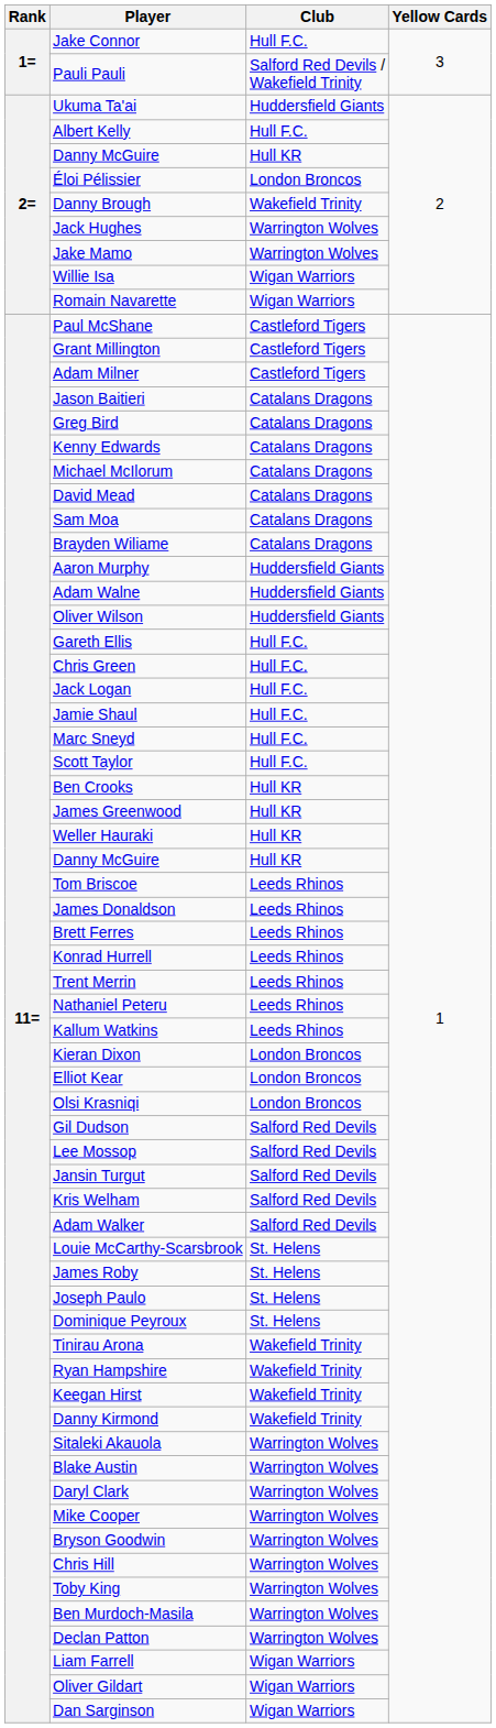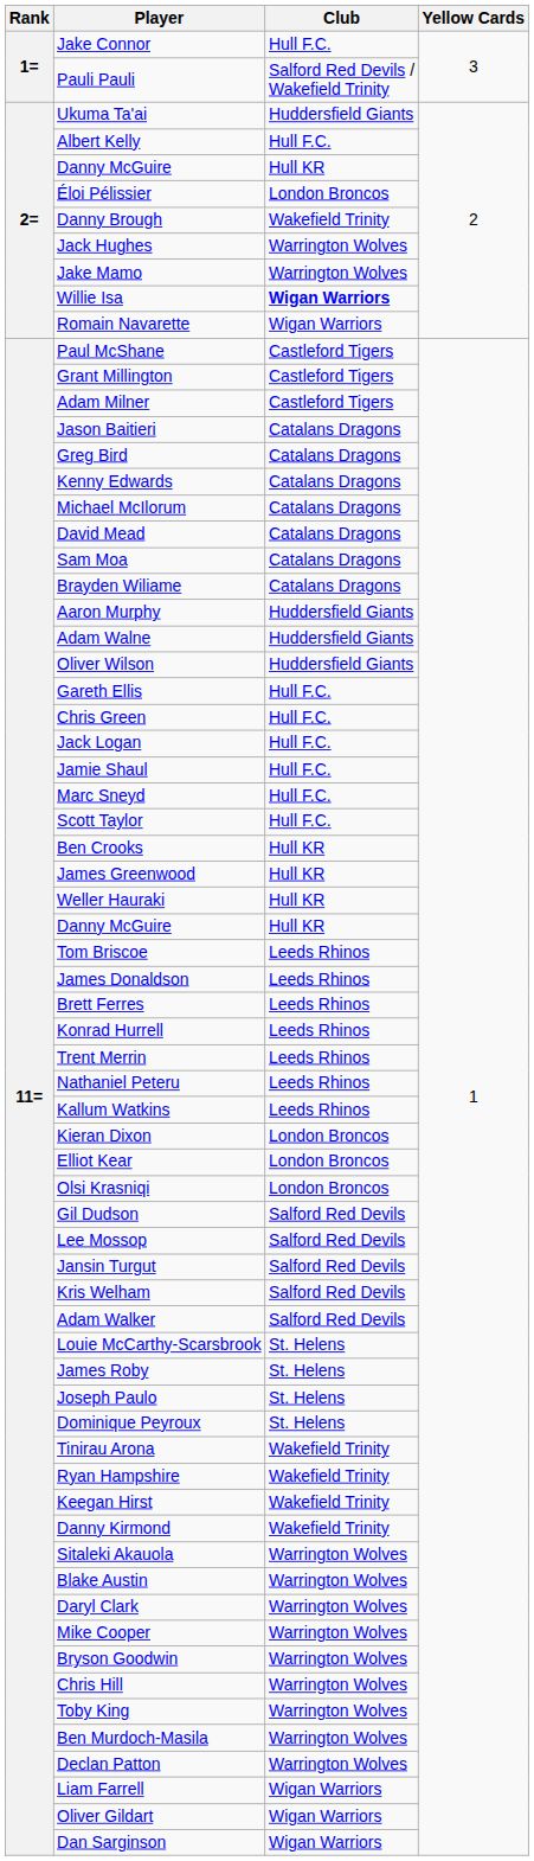 <table class="wikitable sortable" style="text-align:center">
 <tr>
 <th>Rank</th>
 <th>Player</th>
 <th>Club</th>
 <th> Yellow Cards</th>
 </tr>
 <tr>
 <th Rowspan=2>1=</th>
 <td align="left"> <a href='#'>Jake Connor</a></td>
 <td align="left"> <a href='#'>Hull F.C.</a></td>
 <td Rowspan=2>3</td>
 </tr>
 <tr>
 <td align="left"> <a href='#'>Pauli Pauli</a></td>
 <td align="left">  <a href='#'>Salford Red Devils</a> / <br>  <a href='#'>Wakefield Trinity</a></td>
 </tr>
 <tr>
 <th Rowspan=9>2=</th>
 <td align="left"> <a href='#'>Ukuma Ta'ai</a></td>
 <td align="left"> <a href='#'>Huddersfield Giants</a></td>
 <td Rowspan=9>2</td>
 </tr>
 <tr>
 <td align="left"> <a href='#'>Albert Kelly</a></td>
 <td align="left"> <a href='#'>Hull F.C.</a></td>
 </tr>
 <tr>
 <td align="left"> <a href='#'>Danny McGuire</a></td>
 <td align="left"> <a href='#'>Hull KR</a></td>
 </tr>
 <tr>
 <td align="left"> <a href='#'>Éloi Pélissier</a></td>
 <td align="left"> <a href='#'>London Broncos</a></td>
 </tr>
 <tr>
 <td align="left"> <a href='#'>Danny Brough</a></td>
 <td align="left"> <a href='#'>Wakefield Trinity</a></td>
 </tr>
 <tr>
 <td align="left"> <a href='#'>Jack Hughes</a></td>
 <td align="left"> <a href='#'>Warrington Wolves</a></td>
 </tr>
 <tr>
 <td align="left"> <a href='#'>Jake Mamo</a></td>
 <td align="left"> <a href='#'>Warrington Wolves</a></td>
 </tr>
 <tr>
 <td align="left"> <a href='#'>Willie Isa</a></td>
-<td align="left"> <a href='#'>Wigan Warriors</a></td>
+<td align="left"><strong> <a href='#'>Wigan Warriors</a></strong></td>
 </tr>
 <tr>
 <td align="left"> <a href='#'>Romain Navarette</a></td>
 <td align="left"> <a href='#'>Wigan Warriors</a></td>
 </tr>
 <tr>
 <th rowspan=58>11=</th>
 <td align="left"> <a href='#'>Paul McShane</a></td>
 <td align="left"> <a href='#'>Castleford Tigers</a></td>
 <td Rowspan=58>1</td>
 </tr>
 <tr>
 <td align="left"> <a href='#'>Grant Millington</a></td>
 <td align="left"> <a href='#'>Castleford Tigers</a></td>
 </tr>
 <tr>
 <td align="left"> <a href='#'>Adam Milner</a></td>
 <td align="left"> <a href='#'>Castleford Tigers</a></td>
 </tr>
 <tr>
 <td align="left"> <a href='#'>Jason Baitieri</a></td>
 <td align="left"> <a href='#'>Catalans Dragons</a></td>
 </tr>
 <tr>
 <td align="left"> <a href='#'>Greg Bird</a></td>
 <td align="left"> <a href='#'>Catalans Dragons</a></td>
 </tr>
 <tr>
 <td align="left"> <a href='#'> Kenny Edwards</a></td>
 <td align="left"> <a href='#'>Catalans Dragons</a></td>
 </tr>
 <tr>
 <td align="left"> <a href='#'>Michael McIlorum</a></td>
 <td align="left"> <a href='#'>Catalans Dragons</a></td>
 </tr>
 <tr>
 <td align="left"> <a href='#'>David Mead</a></td>
 <td align="left"> <a href='#'>Catalans Dragons</a></td>
 </tr>
 <tr>
 <td align="left"> <a href='#'>Sam Moa</a></td>
 <td align="left"> <a href='#'>Catalans Dragons</a></td>
 </tr>
 <tr>
 <td align="left"> <a href='#'>Brayden Wiliame</a></td>
 <td align="left"> <a href='#'>Catalans Dragons</a></td>
 </tr>
 <tr>
 <td align="left"> <a href='#'>Aaron Murphy</a></td>
 <td align="left"> <a href='#'>Huddersfield Giants</a></td>
 </tr>
 <tr>
 <td align="left"> <a href='#'>Adam Walne</a></td>
 <td align="left"> <a href='#'>Huddersfield Giants</a></td>
 </tr>
 <tr>
 <td align="left"> <a href='#'>Oliver Wilson</a></td>
 <td align="left"> <a href='#'>Huddersfield Giants</a></td>
 </tr>
 <tr>
 <td align="left"> <a href='#'>Gareth Ellis</a></td>
 <td align="left"> <a href='#'>Hull F.C.</a></td>
 </tr>
 <tr>
 <td align="left"> <a href='#'>Chris Green</a></td>
 <td align="left"> <a href='#'>Hull F.C.</a></td>
 </tr>
 <tr>
 <td align="left"> <a href='#'>Jack Logan</a></td>
 <td align="left"> <a href='#'>Hull F.C.</a></td>
 </tr>
 <tr>
 <td align="left"> <a href='#'>Jamie Shaul</a></td>
 <td align="left"> <a href='#'>Hull F.C.</a></td>
 </tr>
 <tr>
 <td align="left"> <a href='#'>Marc Sneyd</a></td>
 <td align="left"> <a href='#'>Hull F.C.</a></td>
 </tr>
 <tr>
 <td align="left"> <a href='#'>Scott Taylor</a></td>
 <td align="left"> <a href='#'>Hull F.C.</a></td>
 </tr>
 <tr>
 <td align="left"> <a href='#'>Ben Crooks</a></td>
 <td align="left"> <a href='#'>Hull KR</a></td>
 </tr>
 <tr>
 <td align="left"> <a href='#'>James Greenwood</a></td>
 <td align="left"> <a href='#'>Hull KR</a></td>
 </tr>
 <tr>
 <td align="left"> <a href='#'>Weller Hauraki</a></td>
 <td align="left"> <a href='#'>Hull KR</a></td>
 </tr>
 <tr>
 <td align="left"> <a href='#'>Danny McGuire</a></td>
 <td align="left"> <a href='#'>Hull KR</a></td>
 </tr>
 <tr>
 <td align="left"> <a href='#'>Tom Briscoe</a></td>
 <td align="left"> <a href='#'>Leeds Rhinos</a></td>
 </tr>
 <tr>
 <td align="left"> <a href='#'>James Donaldson</a></td>
 <td align="left"> <a href='#'>Leeds Rhinos</a></td>
 </tr>
 <tr>
 <td align="left"> <a href='#'>Brett Ferres</a></td>
 <td align="left"> <a href='#'>Leeds Rhinos</a></td>
 </tr>
 <tr>
 <td align="left"> <a href='#'>Konrad Hurrell</a></td>
 <td align="left"> <a href='#'>Leeds Rhinos</a></td>
 </tr>
 <tr>
 <td align="left"> <a href='#'>Trent Merrin</a></td>
 <td align="left"> <a href='#'>Leeds Rhinos</a></td>
 </tr>
 <tr>
 <td align="left"> <a href='#'>Nathaniel Peteru</a></td>
 <td align="left"> <a href='#'>Leeds Rhinos</a></td>
 </tr>
 <tr>
 <td align="left"> <a href='#'>Kallum Watkins</a></td>
 <td align="left"> <a href='#'>Leeds Rhinos</a></td>
 </tr>
 <tr>
 <td align="left"> <a href='#'>Kieran Dixon</a></td>
 <td align="left"> <a href='#'>London Broncos</a></td>
 </tr>
 <tr>
 <td align="left"> <a href='#'>Elliot Kear</a></td>
 <td align="left"> <a href='#'>London Broncos</a></td>
 </tr>
 <tr>
 <td align="left"> <a href='#'>Olsi Krasniqi</a></td>
 <td align="left"> <a href='#'>London Broncos</a></td>
 </tr>
 <tr>
 <td align="left"> <a href='#'>Gil Dudson</a></td>
 <td align="left"> <a href='#'>Salford Red Devils</a></td>
 </tr>
 <tr>
 <td align="left"> <a href='#'>Lee Mossop</a></td>
 <td align="left"> <a href='#'>Salford Red Devils</a></td>
 </tr>
 <tr>
 <td align="left"> <a href='#'>Jansin Turgut</a></td>
 <td align="left"> <a href='#'>Salford Red Devils</a></td>
 </tr>
 <tr>
 <td align="left"> <a href='#'>Kris Welham</a></td>
 <td align="left"> <a href='#'>Salford Red Devils</a></td>
 </tr>
 <tr>
 <td align="left"> <a href='#'>Adam Walker</a></td>
 <td align="left"> <a href='#'>Salford Red Devils</a></td>
 </tr>
 <tr>
 <td align="left"> <a href='#'>Louie McCarthy-Scarsbrook</a></td>
 <td align="left"> <a href='#'>St. Helens</a></td>
 </tr>
 <tr>
 <td align="left"> <a href='#'>James Roby</a></td>
 <td align="left"> <a href='#'>St. Helens</a></td>
 </tr>
 <tr>
 <td align="left"> <a href='#'>Joseph Paulo</a></td>
 <td align="left"> <a href='#'>St. Helens</a></td>
 </tr>
 <tr>
 <td align="left"> <a href='#'>Dominique Peyroux</a></td>
 <td align="left"> <a href='#'>St. Helens</a></td>
 </tr>
 <tr>
 <td align="left"> <a href='#'>Tinirau Arona</a></td>
 <td align="left"> <a href='#'>Wakefield Trinity</a></td>
 </tr>
 <tr>
 <td align="left"> <a href='#'>Ryan Hampshire</a></td>
 <td align="left"> <a href='#'>Wakefield Trinity</a></td>
 </tr>
 <tr>
 <td align="left"> <a href='#'>Keegan Hirst</a></td>
 <td align="left"> <a href='#'>Wakefield Trinity</a></td>
 </tr>
 <tr>
 <td align="left"> <a href='#'>Danny Kirmond</a></td>
 <td align="left"> <a href='#'>Wakefield Trinity</a></td>
 </tr>
 <tr>
 <td align="left"> <a href='#'>Sitaleki Akauola</a></td>
 <td align="left"> <a href='#'>Warrington Wolves</a></td>
 </tr>
 <tr>
 <td align="left"> <a href='#'>Blake Austin</a></td>
 <td align="left"> <a href='#'>Warrington Wolves</a></td>
 </tr>
 <tr>
 <td align="left"> <a href='#'>Daryl Clark</a></td>
 <td align="left"> <a href='#'>Warrington Wolves</a></td>
 </tr>
 <tr>
 <td align="left"> <a href='#'>Mike Cooper</a></td>
 <td align="left"> <a href='#'>Warrington Wolves</a></td>
 </tr>
 <tr>
 <td align="left"> <a href='#'>Bryson Goodwin</a></td>
 <td align="left"> <a href='#'>Warrington Wolves</a></td>
 </tr>
 <tr>
 <td align="left"> <a href='#'>Chris Hill</a></td>
 <td align="left"> <a href='#'>Warrington Wolves</a></td>
 </tr>
 <tr>
 <td align="left"> <a href='#'>Toby King</a></td>
 <td align="left"> <a href='#'>Warrington Wolves</a></td>
 </tr>
 <tr>
 <td align="left"> <a href='#'>Ben Murdoch-Masila</a></td>
 <td align="left"> <a href='#'>Warrington Wolves</a></td>
 </tr>
 <tr>
 <td align="left"> <a href='#'>Declan Patton</a></td>
 <td align="left"> <a href='#'>Warrington Wolves</a></td>
 </tr>
 <tr>
 <td align="left"> <a href='#'>Liam Farrell</a></td>
 <td align="left"> <a href='#'>Wigan Warriors</a></td>
 </tr>
 <tr>
 <td align="left"> <a href='#'>Oliver Gildart</a></td>
 <td align="left"> <a href='#'>Wigan Warriors</a></td>
 </tr>
 <tr>
 <td align="left"> <a href='#'>Dan Sarginson</a></td>
 <td align="left"> <a href='#'>Wigan Warriors</a></td>
 </tr>
 </table>
